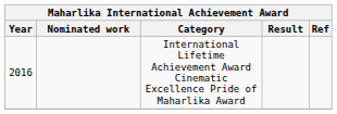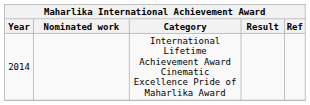 <table width="70%" class="wikitable sortable">
 <tr>
 <th colspan="5" align="center">Maharlika International Achievement Award</th>
 </tr>
 <tr>
 <th width="10%">Year</th>
 <th width="35%">Nominated work</th>
 <th width="40%">Category</th>
 <th width="15%">Result</th>
 <th width="15%">Ref</th>
 </tr>
 <tr>
-<td align="center">2016</td>
+<td align="center">2014</td>
 <td align="center"></td>
 <td align="center">International Lifetime Achievement Award <br>Cinematic Excellence Pride of Maharlika Award</td>
 <td></td>
 <td align="center"></td>
 </tr>
 <tr>
 </tr>
 </table>
